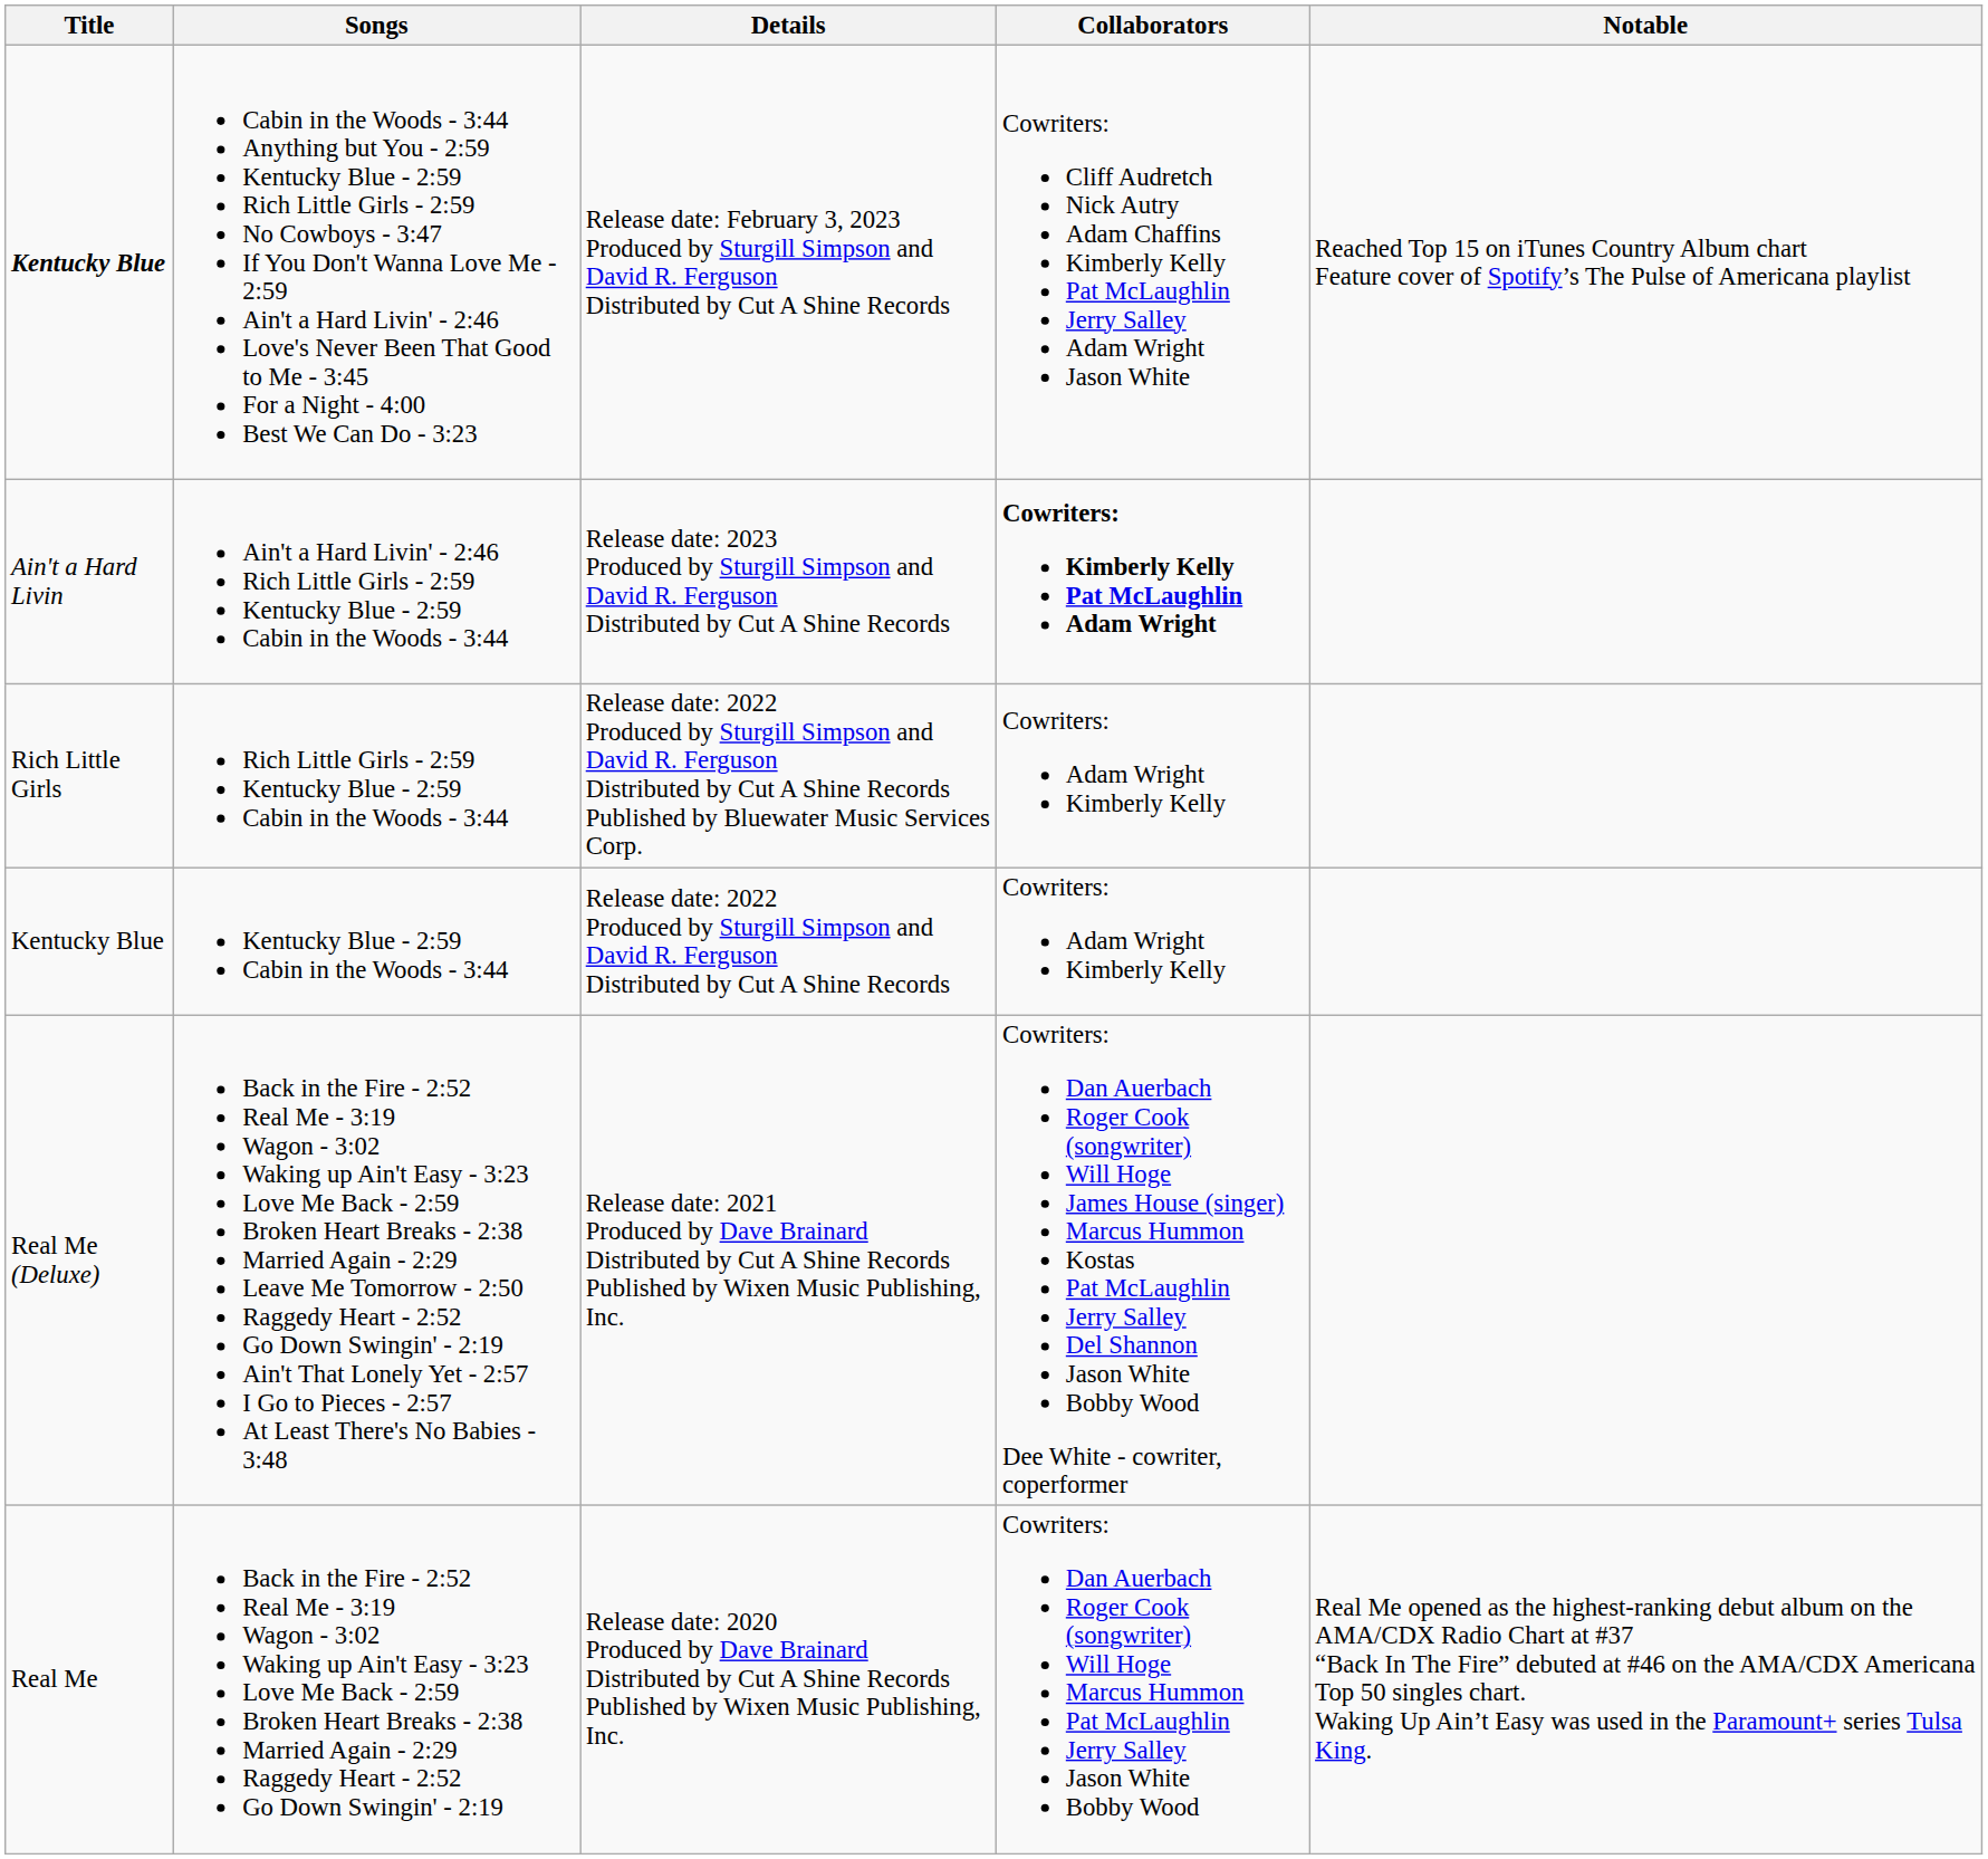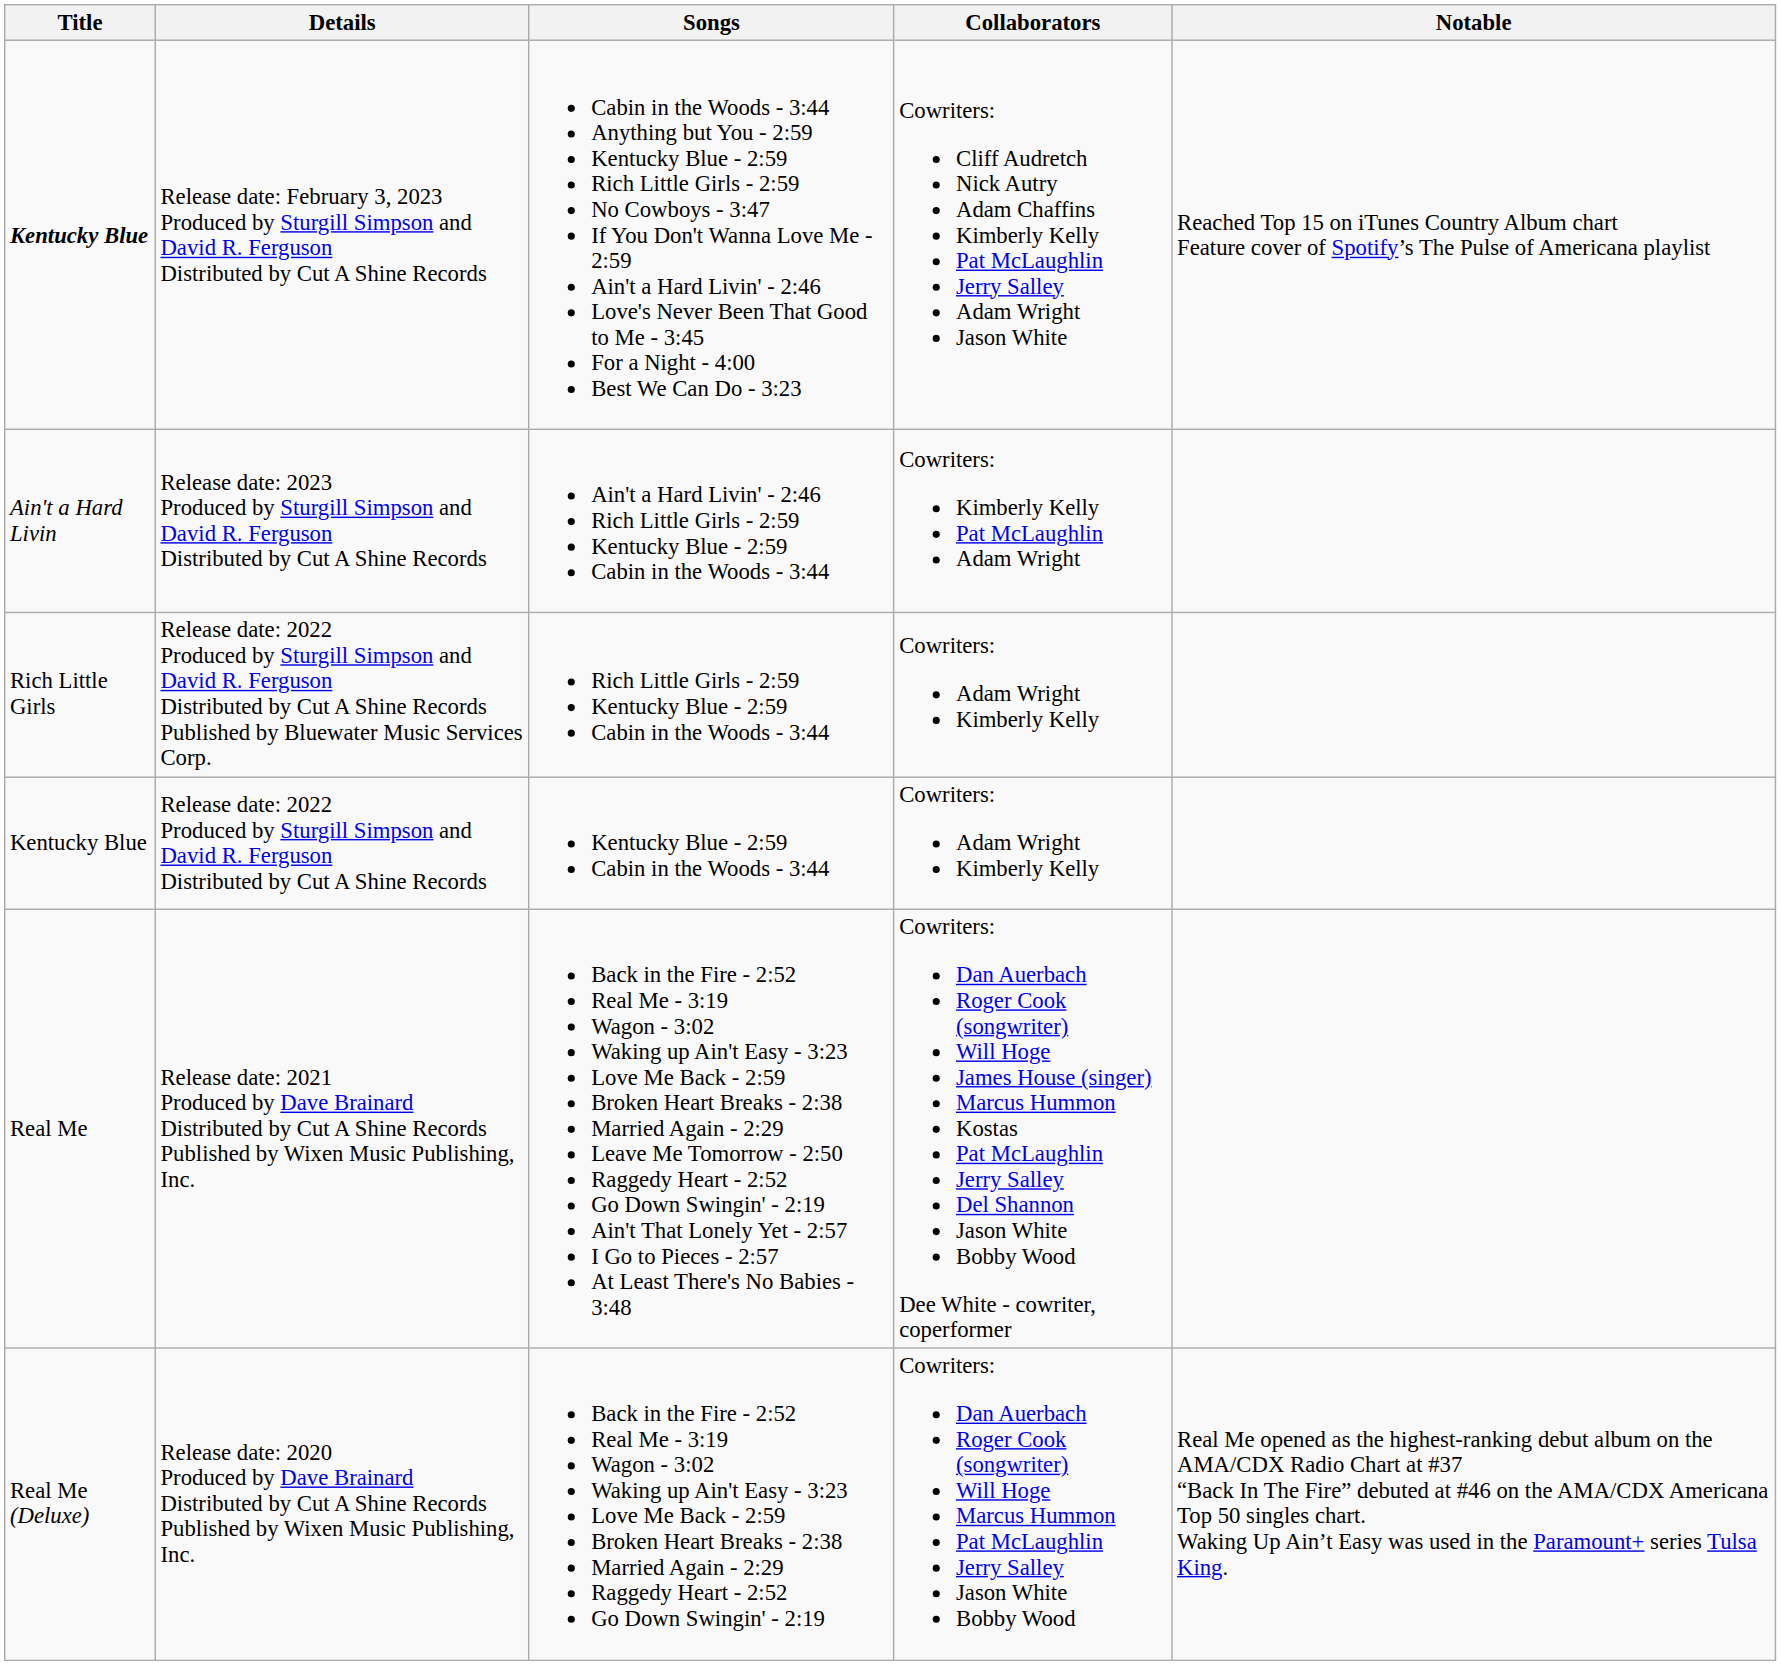 <table class="wikitable">
 <tr>
 <th>Title</th>
+<th>Details</th>
 <th>Songs</th>
-<th>Details</th>
 <th>Collaborators</th>
 <th>Notable</th>
 </tr>
 <tr>
 <td><strong><em>Kentucky Blue</em></strong></td>
+<td>Release date: February 3, 2023<br>Produced by <a href='#'>Sturgill Simpson</a> and <a href='#'>David R. Ferguson</a><br>Distributed by Cut A Shine Records</td>
 <td><br><ul><li>Cabin in the Woods - 3:44</li><li>Anything but You - 2:59</li><li>Kentucky Blue - 2:59</li><li>Rich Little Girls - 2:59</li><li>No Cowboys - 3:47</li><li>If You Don't Wanna Love Me - 2:59</li><li>Ain't a Hard Livin' - 2:46</li><li>Love's Never Been That Good to Me - 3:45</li><li>For a Night - 4:00</li><li>Best We Can Do - 3:23</li></ul></td>
-<td>Release date: February 3, 2023<br>Produced by <a href='#'>Sturgill Simpson</a> and <a href='#'>David R. Ferguson</a><br>Distributed by Cut A Shine Records</td>
 <td>Cowriters:<br><ul><li>Cliff Audretch</li><li>Nick Autry</li><li>Adam Chaffins</li><li>Kimberly Kelly</li><li><a href='#'>Pat McLaughlin</a></li><li><a href='#'>Jerry Salley</a></li><li>Adam Wright</li><li>Jason White</li></ul></td>
 <td>Reached Top 15 on iTunes Country Album chart<br>Feature cover of <a href='#'>Spotify</a>’s The Pulse of Americana playlist</td>
 </tr>
 <tr>
 <td><em>Ain't a Hard Livin<strong></td>
+<td>Release date: 2023<br>Produced by <a href='#'>Sturgill Simpson</a> and <a href='#'>David R. Ferguson</a><br>Distributed by Cut A Shine Records</td>
 <td><br><ul><li>Ain't a Hard Livin' - 2:46</li><li>Rich Little Girls - 2:59</li><li>Kentucky Blue - 2:59</li><li>Cabin in the Woods - 3:44</li></ul></td>
-<td>Release date: 2023<br>Produced by <a href='#'>Sturgill Simpson</a> and <a href='#'>David R. Ferguson</a><br>Distributed by Cut A Shine Records</td>
-<td><strong>Cowriters:<br><ul><li>Kimberly Kelly</li><li><a href='#'>Pat McLaughlin</a></li><li>Adam Wright</li></ul></strong></td>
+<td>Cowriters:<br><ul><li>Kimberly Kelly</li><li><a href='#'>Pat McLaughlin</a></li><li>Adam Wright</li></ul></td>
 <td></td>
 </tr>
 <tr>
 <td></em>Rich Little Girls<em></td>
+<td>Release date: 2022<br>Produced by <a href='#'>Sturgill Simpson</a> and <a href='#'>David R. Ferguson</a><br>Distributed by Cut A Shine Records<br>Published by Bluewater Music Services Corp.</td>
 <td><br><ul><li>Rich Little Girls - 2:59</li><li>Kentucky Blue - 2:59</li><li>Cabin in the Woods - 3:44</li></ul></td>
-<td>Release date: 2022<br>Produced by <a href='#'>Sturgill Simpson</a> and <a href='#'>David R. Ferguson</a><br>Distributed by Cut A Shine Records<br>Published by Bluewater Music Services Corp.</td>
 <td>Cowriters:<br><ul><li>Adam Wright</li><li>Kimberly Kelly</li></ul></td>
 <td></td>
 </tr>
 <tr>
 <td></em>Kentucky Blue<em></td>
+<td>Release date: 2022<br>Produced by <a href='#'>Sturgill Simpson</a> and <a href='#'>David R. Ferguson</a><br>Distributed by Cut A Shine Records</td>
 <td><br><ul><li>Kentucky Blue - 2:59</li><li>Cabin in the Woods - 3:44</li></ul></td>
-<td>Release date: 2022<br>Produced by <a href='#'>Sturgill Simpson</a> and <a href='#'>David R. Ferguson</a><br>Distributed by Cut A Shine Records</td>
 <td>Cowriters:<br><ul><li>Adam Wright</li><li>Kimberly Kelly</li></ul></td>
 <td></td>
 </tr>
 <tr>
-<td></em>Real Me<em> (Deluxe)</td>
+<td></em>Real Me<em></td>
+<td>Release date: 2021<br>Produced by <a href='#'>Dave Brainard</a><br>Distributed by Cut A Shine Records<br>Published by Wixen Music Publishing, Inc.</td>
 <td><br><ul><li>Back in the Fire - 2:52</li><li>Real Me - 3:19</li><li>Wagon - 3:02</li><li>Waking up Ain't Easy - 3:23</li><li>Love Me Back - 2:59</li><li>Broken Heart Breaks - 2:38</li><li>Married Again - 2:29</li><li>Leave Me Tomorrow - 2:50</li><li>Raggedy Heart - 2:52</li><li>Go Down Swingin' - 2:19</li><li>Ain't That Lonely Yet - 2:57</li><li>I Go to Pieces - 2:57</li><li>At Least There's No Babies - 3:48</li></ul></td>
-<td>Release date: 2021<br>Produced by <a href='#'>Dave Brainard</a><br>Distributed by Cut A Shine Records<br>Published by Wixen Music Publishing, Inc.</td>
 <td>Cowriters:<br><ul><li><a href='#'>Dan Auerbach</a></li><li><a href='#'>Roger Cook (songwriter)</a></li><li><a href='#'>Will Hoge</a></li><li><a href='#'>James House (singer)</a></li><li><a href='#'>Marcus Hummon</a></li><li>Kostas</li><li><a href='#'>Pat McLaughlin</a></li><li><a href='#'>Jerry Salley</a></li><li><a href='#'>Del Shannon</a></li><li>Jason White</li><li>Bobby Wood</li></ul>Dee White - cowriter, coperformer</td>
 <td></td>
 </tr>
 <tr>
-<td></em>Real Me<em></td>
+<td></em>Real Me<em> (Deluxe)</td>
+<td>Release date: 2020<br>Produced by <a href='#'>Dave Brainard</a><br>Distributed by Cut A Shine Records<br>Published by Wixen Music Publishing, Inc.</td>
 <td><br><ul><li>Back in the Fire - 2:52</li><li>Real Me - 3:19</li><li>Wagon - 3:02</li><li>Waking up Ain't Easy - 3:23</li><li>Love Me Back - 2:59</li><li>Broken Heart Breaks - 2:38</li><li>Married Again - 2:29</li><li>Raggedy Heart - 2:52</li><li>Go Down Swingin' - 2:19</li></ul></td>
-<td>Release date: 2020<br>Produced by <a href='#'>Dave Brainard</a><br>Distributed by Cut A Shine Records<br>Published by Wixen Music Publishing, Inc.</td>
 <td>Cowriters:<br><ul><li><a href='#'>Dan Auerbach</a></li><li><a href='#'>Roger Cook (songwriter)</a></li><li><a href='#'>Will Hoge</a></li><li><a href='#'>Marcus Hummon</a></li><li><a href='#'>Pat McLaughlin</a></li><li><a href='#'>Jerry Salley</a></li><li>Jason White</li><li>Bobby Wood</li></ul></td>
 <td>Real Me opened as the highest-ranking debut album on the AMA/CDX Radio Chart at #37<br>“Back In The Fire” debuted at #46 on the AMA/CDX Americana Top 50 singles chart.<br>Waking Up Ain’t Easy was used in the <a href='#'>Paramount+</a> series <a href='#'>Tulsa King</a>.</td>
 </tr>
 </table>
